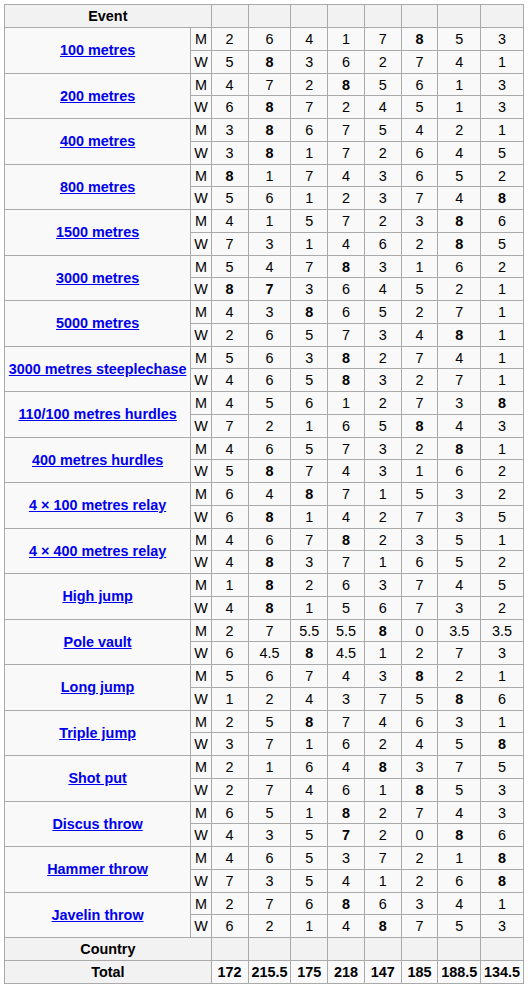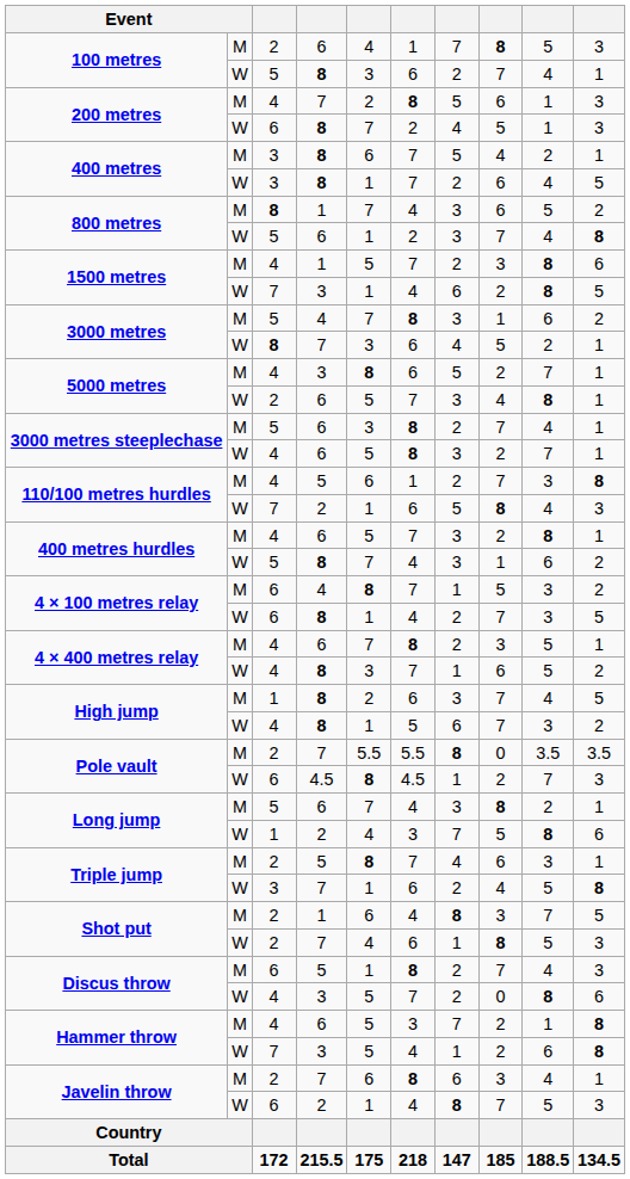 <table class="wikitable" style="background-color: #f9f9f9; font-size: 90%; text-align: center">
 <tr>
 <th width=200 colspan=2>Event</th>
 <th width=30></th>
 <th width=30></th>
 <th width=30></th>
 <th width=30></th>
 <th width=30></th>
 <th width=30></th>
 <th width=30></th>
 <th width=30></th>
 </tr>
 <tr>
 <td rowspan=2><strong><a href='#'>100 metres</a></strong></td>
 <td>M</td>
 <td>2</td>
 <td>6</td>
 <td>4</td>
 <td>1</td>
 <td>7</td>
 <td><strong>8</strong></td>
 <td>5</td>
 <td>3</td>
 </tr>
 <tr>
 <td>W</td>
 <td>5</td>
 <td><strong>8</strong></td>
 <td>3</td>
 <td>6</td>
 <td>2</td>
 <td>7</td>
 <td>4</td>
 <td>1</td>
 </tr>
 <tr>
 <td rowspan=2><strong><a href='#'>200 metres</a></strong></td>
 <td>M</td>
 <td>4</td>
 <td>7</td>
 <td>2</td>
 <td><strong>8</strong></td>
 <td>5</td>
 <td>6</td>
 <td>1</td>
 <td>3</td>
 </tr>
 <tr>
 <td>W</td>
 <td>6</td>
 <td><strong>8</strong></td>
 <td>7</td>
 <td>2</td>
 <td>4</td>
 <td>5</td>
 <td>1</td>
 <td>3</td>
 </tr>
 <tr>
 <td rowspan=2><strong><a href='#'>400 metres</a></strong></td>
 <td>M</td>
 <td>3</td>
 <td><strong>8</strong></td>
 <td>6</td>
 <td>7</td>
 <td>5</td>
 <td>4</td>
 <td>2</td>
 <td>1</td>
 </tr>
 <tr>
 <td>W</td>
 <td>3</td>
 <td><strong>8</strong></td>
 <td>1</td>
 <td>7</td>
 <td>2</td>
 <td>6</td>
 <td>4</td>
 <td>5</td>
 </tr>
 <tr>
 <td rowspan=2><strong><a href='#'>800 metres</a></strong></td>
 <td>M</td>
 <td><strong>8</strong></td>
 <td>1</td>
 <td>7</td>
 <td>4</td>
 <td>3</td>
 <td>6</td>
 <td>5</td>
 <td>2</td>
 </tr>
 <tr>
 <td>W</td>
 <td>5</td>
 <td>6</td>
 <td>1</td>
 <td>2</td>
 <td>3</td>
 <td>7</td>
 <td>4</td>
 <td><strong>8</strong></td>
 </tr>
 <tr>
 <td rowspan=2><strong><a href='#'>1500 metres</a></strong></td>
 <td>M</td>
 <td>4</td>
 <td>1</td>
 <td>5</td>
 <td>7</td>
 <td>2</td>
 <td>3</td>
 <td><strong>8</strong></td>
 <td>6</td>
 </tr>
 <tr>
 <td>W</td>
 <td>7</td>
 <td>3</td>
 <td>1</td>
 <td>4</td>
 <td>6</td>
 <td>2</td>
 <td><strong>8</strong></td>
 <td>5</td>
 </tr>
 <tr>
 <td rowspan=2><strong><a href='#'>3000 metres</a></strong></td>
 <td>M</td>
 <td>5</td>
 <td>4</td>
 <td>7</td>
 <td><strong>8</strong></td>
 <td>3</td>
 <td>1</td>
 <td>6</td>
 <td>2</td>
 </tr>
 <tr>
 <td>W</td>
 <td><strong>8</strong></td>
-<td><strong>7</strong></td>
+<td>7</td>
 <td>3</td>
 <td>6</td>
 <td>4</td>
 <td>5</td>
 <td>2</td>
 <td>1</td>
 </tr>
 <tr>
 <td rowspan=2><strong><a href='#'>5000 metres</a></strong></td>
 <td>M</td>
 <td>4</td>
 <td>3</td>
 <td><strong>8</strong></td>
 <td>6</td>
 <td>5</td>
 <td>2</td>
 <td>7</td>
 <td>1</td>
 </tr>
 <tr>
 <td>W</td>
 <td>2</td>
 <td>6</td>
 <td>5</td>
 <td>7</td>
 <td>3</td>
 <td>4</td>
 <td><strong>8</strong></td>
 <td>1</td>
 </tr>
 <tr>
 <td rowspan=2><strong><a href='#'>3000 metres steeplechase</a></strong></td>
 <td>M</td>
 <td>5</td>
 <td>6</td>
 <td>3</td>
 <td><strong>8</strong></td>
 <td>2</td>
 <td>7</td>
 <td>4</td>
 <td>1</td>
 </tr>
 <tr>
 <td>W</td>
 <td>4</td>
 <td>6</td>
 <td>5</td>
 <td><strong>8</strong></td>
 <td>3</td>
 <td>2</td>
 <td>7</td>
 <td>1</td>
 </tr>
 <tr>
 <td rowspan=2><strong><a href='#'>110/100 metres hurdles</a></strong></td>
 <td>M</td>
 <td>4</td>
 <td>5</td>
 <td>6</td>
 <td>1</td>
 <td>2</td>
 <td>7</td>
 <td>3</td>
 <td><strong>8</strong></td>
 </tr>
 <tr>
 <td>W</td>
 <td>7</td>
 <td>2</td>
 <td>1</td>
 <td>6</td>
 <td>5</td>
 <td><strong>8</strong></td>
 <td>4</td>
 <td>3</td>
 </tr>
 <tr>
 <td rowspan=2><strong><a href='#'>400 metres hurdles</a></strong></td>
 <td>M</td>
 <td>4</td>
 <td>6</td>
 <td>5</td>
 <td>7</td>
 <td>3</td>
 <td>2</td>
 <td><strong>8</strong></td>
 <td>1</td>
 </tr>
 <tr>
 <td>W</td>
 <td>5</td>
 <td><strong>8</strong></td>
 <td>7</td>
 <td>4</td>
 <td>3</td>
 <td>1</td>
 <td>6</td>
 <td>2</td>
 </tr>
 <tr>
 <td rowspan=2><strong><a href='#'>4 × 100 metres relay</a></strong></td>
 <td>M</td>
 <td>6</td>
 <td>4</td>
 <td><strong>8</strong></td>
 <td>7</td>
 <td>1</td>
 <td>5</td>
 <td>3</td>
 <td>2</td>
 </tr>
 <tr>
 <td>W</td>
 <td>6</td>
 <td><strong>8</strong></td>
 <td>1</td>
 <td>4</td>
 <td>2</td>
 <td>7</td>
 <td>3</td>
 <td>5</td>
 </tr>
 <tr>
 <td rowspan=2><strong><a href='#'>4 × 400 metres relay</a></strong></td>
 <td>M</td>
 <td>4</td>
 <td>6</td>
 <td>7</td>
 <td><strong>8</strong></td>
 <td>2</td>
 <td>3</td>
 <td>5</td>
 <td>1</td>
 </tr>
 <tr>
 <td>W</td>
 <td>4</td>
 <td><strong>8</strong></td>
 <td>3</td>
 <td>7</td>
 <td>1</td>
 <td>6</td>
 <td>5</td>
 <td>2</td>
 </tr>
 <tr>
 <td rowspan=2><strong><a href='#'>High jump</a></strong></td>
 <td>M</td>
 <td>1</td>
 <td><strong>8</strong></td>
 <td>2</td>
 <td>6</td>
 <td>3</td>
 <td>7</td>
 <td>4</td>
 <td>5</td>
 </tr>
 <tr>
 <td>W</td>
 <td>4</td>
 <td><strong>8</strong></td>
 <td>1</td>
 <td>5</td>
 <td>6</td>
 <td>7</td>
 <td>3</td>
 <td>2</td>
 </tr>
 <tr>
 <td rowspan=2><strong><a href='#'>Pole vault</a></strong></td>
 <td>M</td>
 <td>2</td>
 <td>7</td>
 <td>5.5</td>
 <td>5.5</td>
 <td><strong>8</strong></td>
 <td>0</td>
 <td>3.5</td>
 <td>3.5</td>
 </tr>
 <tr>
 <td>W</td>
 <td>6</td>
 <td>4.5</td>
 <td><strong>8</strong></td>
 <td>4.5</td>
 <td>1</td>
 <td>2</td>
 <td>7</td>
 <td>3</td>
 </tr>
 <tr>
 <td rowspan=2><strong><a href='#'>Long jump</a></strong></td>
 <td>M</td>
 <td>5</td>
 <td>6</td>
 <td>7</td>
 <td>4</td>
 <td>3</td>
 <td><strong>8</strong></td>
 <td>2</td>
 <td>1</td>
 </tr>
 <tr>
 <td>W</td>
 <td>1</td>
 <td>2</td>
 <td>4</td>
 <td>3</td>
 <td>7</td>
 <td>5</td>
 <td><strong>8</strong></td>
 <td>6</td>
 </tr>
 <tr>
 <td rowspan=2><strong><a href='#'>Triple jump</a></strong></td>
 <td>M</td>
 <td>2</td>
 <td>5</td>
 <td><strong>8</strong></td>
 <td>7</td>
 <td>4</td>
 <td>6</td>
 <td>3</td>
 <td>1</td>
 </tr>
 <tr>
 <td>W</td>
 <td>3</td>
 <td>7</td>
 <td>1</td>
 <td>6</td>
 <td>2</td>
 <td>4</td>
 <td>5</td>
 <td><strong>8</strong></td>
 </tr>
 <tr>
 <td rowspan=2><strong><a href='#'>Shot put</a></strong></td>
 <td>M</td>
 <td>2</td>
 <td>1</td>
 <td>6</td>
 <td>4</td>
 <td><strong>8</strong></td>
 <td>3</td>
 <td>7</td>
 <td>5</td>
 </tr>
 <tr>
 <td>W</td>
 <td>2</td>
 <td>7</td>
 <td>4</td>
 <td>6</td>
 <td>1</td>
 <td><strong>8</strong></td>
 <td>5</td>
 <td>3</td>
 </tr>
 <tr>
 <td rowspan=2><strong><a href='#'>Discus throw</a></strong></td>
 <td>M</td>
 <td>6</td>
 <td>5</td>
 <td>1</td>
 <td><strong>8</strong></td>
 <td>2</td>
 <td>7</td>
 <td>4</td>
 <td>3</td>
 </tr>
 <tr>
 <td>W</td>
 <td>4</td>
 <td>3</td>
 <td>5</td>
-<td><strong>7</strong></td>
+<td>7</td>
 <td>2</td>
 <td>0</td>
 <td><strong>8</strong></td>
 <td>6</td>
 </tr>
 <tr>
 <td rowspan=2><strong><a href='#'>Hammer throw</a></strong></td>
 <td>M</td>
 <td>4</td>
 <td>6</td>
 <td>5</td>
 <td>3</td>
 <td>7</td>
 <td>2</td>
 <td>1</td>
 <td><strong>8</strong></td>
 </tr>
 <tr>
 <td>W</td>
 <td>7</td>
 <td>3</td>
 <td>5</td>
 <td>4</td>
 <td>1</td>
 <td>2</td>
 <td>6</td>
 <td><strong>8</strong></td>
 </tr>
 <tr>
 <td rowspan=2><strong><a href='#'>Javelin throw</a></strong></td>
 <td>M</td>
 <td>2</td>
 <td>7</td>
 <td>6</td>
 <td><strong>8</strong></td>
 <td>6</td>
 <td>3</td>
 <td>4</td>
 <td>1</td>
 </tr>
 <tr>
 <td>W</td>
 <td>6</td>
 <td>2</td>
 <td>1</td>
 <td>4</td>
 <td><strong>8</strong></td>
 <td>7</td>
 <td>5</td>
 <td>3</td>
 </tr>
 <tr>
 <th colspan=2>Country</th>
 <th></th>
 <th></th>
 <th></th>
 <th></th>
 <th></th>
 <th></th>
 <th></th>
 <th></th>
 </tr>
 <tr>
 <th colspan=2>Total</th>
 <td><strong>172</strong></td>
 <td><strong>215.5</strong></td>
 <td><strong>175</strong></td>
 <td><strong>218</strong></td>
 <td><strong>147</strong></td>
 <td><strong>185</strong></td>
 <td><strong>188.5</strong></td>
 <td><strong>134.5</strong></td>
 </tr>
 </table>
